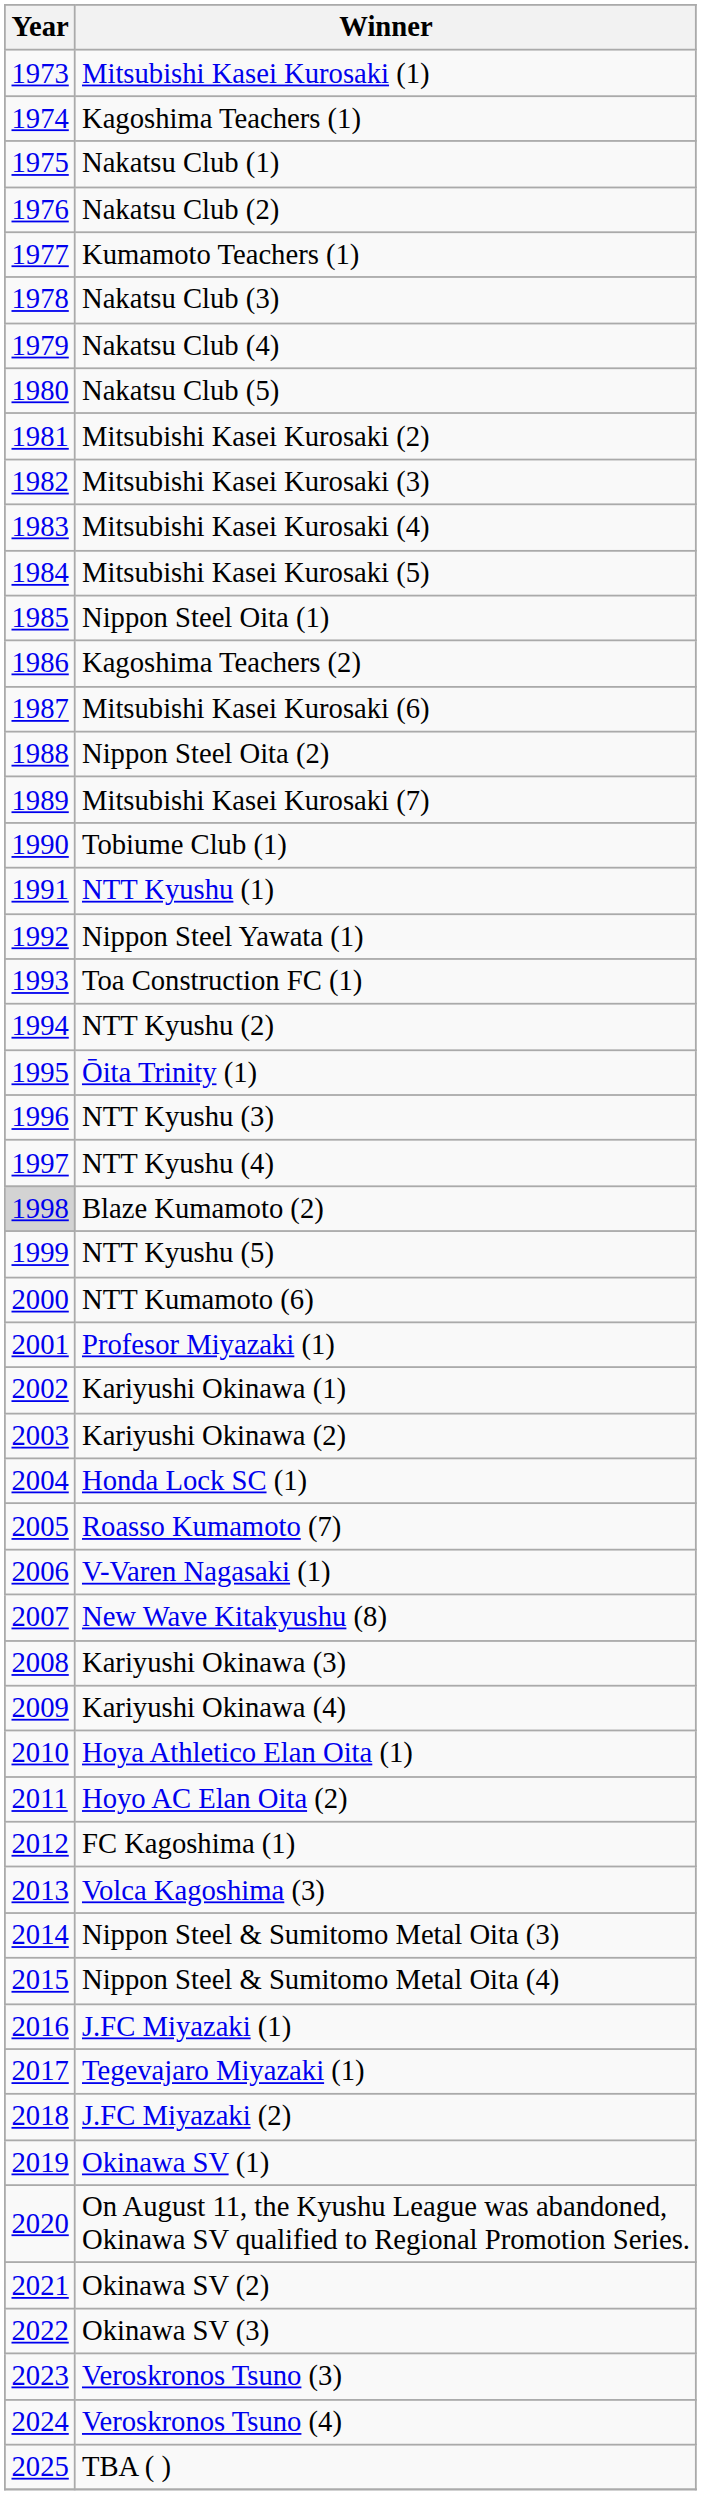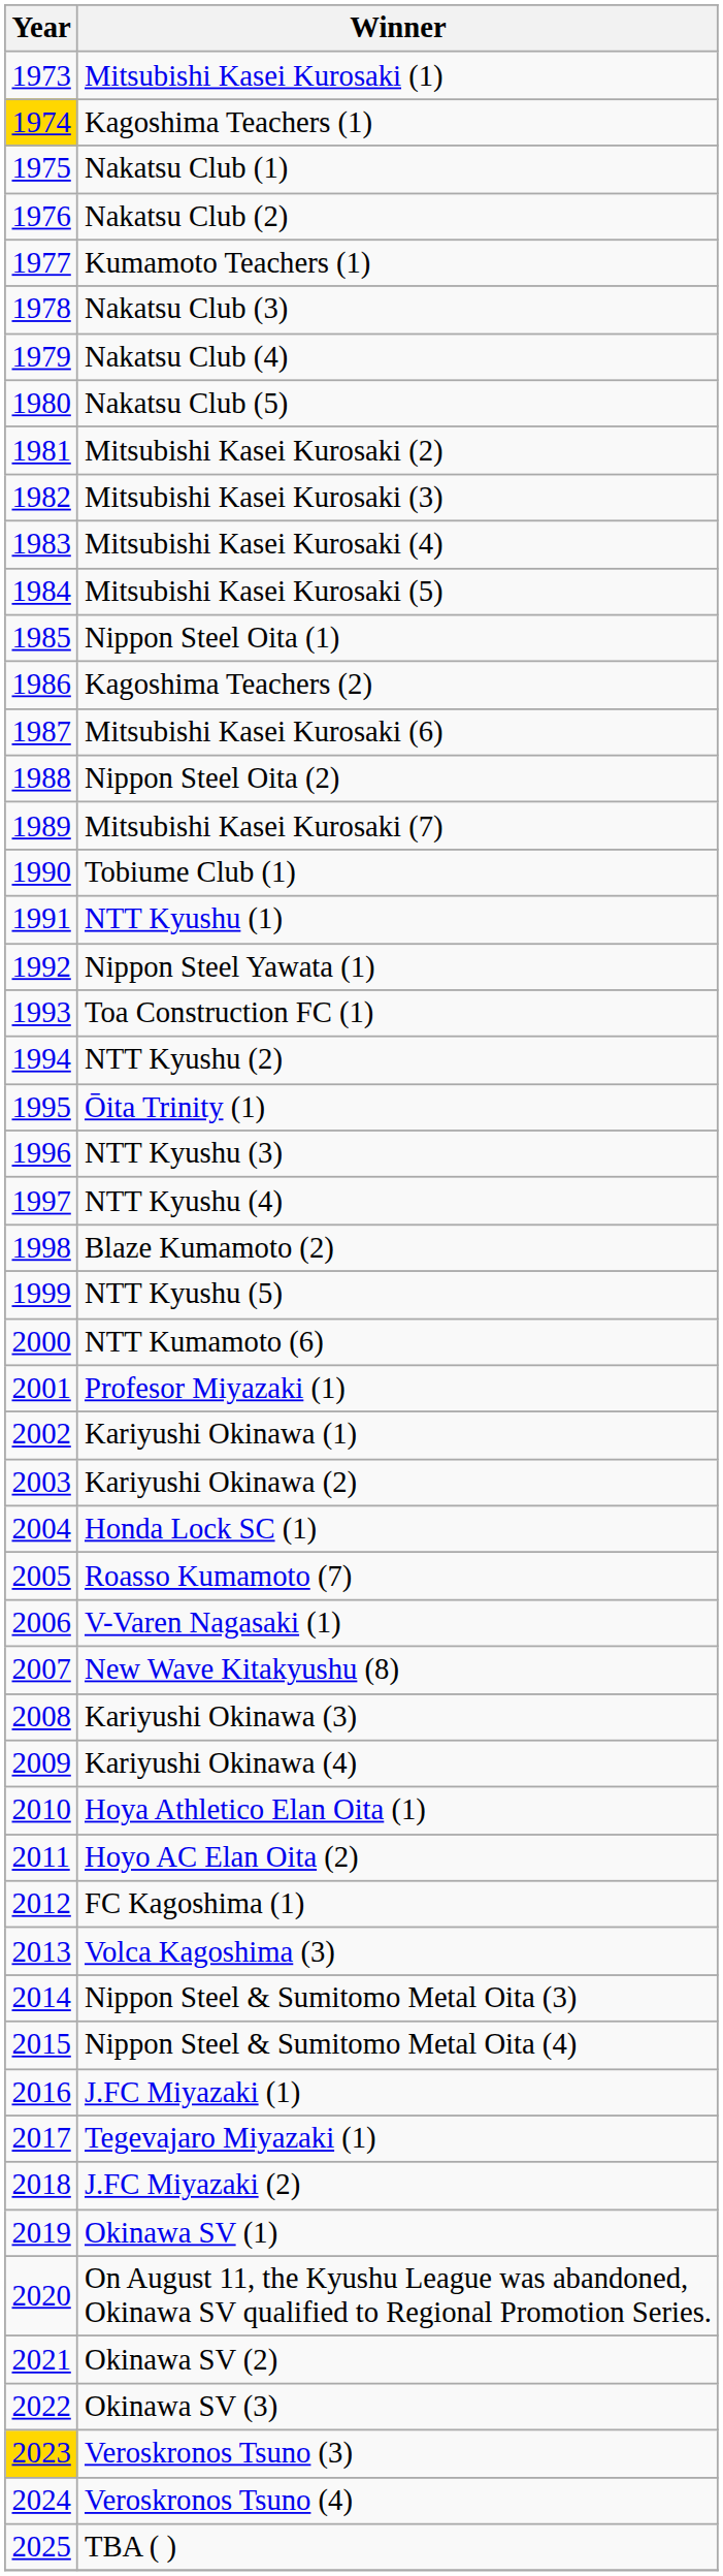 <table class="wikitable">
 <tr>
 <th>Year</th>
 <th>Winner</th>
 </tr>
 <tr>
 <td><a href='#'>1973</a></td>
 <td><a href='#'>Mitsubishi Kasei Kurosaki</a> (1)</td>
 </tr>
 <tr>
-<td><a href='#'>1974</a></td>
+<td style="background: gold;"><a href='#'>1974</a></td>
 <td>Kagoshima Teachers (1)</td>
 </tr>
 <tr>
 <td><a href='#'>1975</a></td>
 <td>Nakatsu Club (1)</td>
 </tr>
 <tr>
 <td><a href='#'>1976</a></td>
 <td>Nakatsu Club (2)</td>
 </tr>
 <tr>
 <td><a href='#'>1977</a></td>
 <td>Kumamoto Teachers (1)</td>
 </tr>
 <tr>
 <td><a href='#'>1978</a></td>
 <td>Nakatsu Club (3)</td>
 </tr>
 <tr>
 <td><a href='#'>1979</a></td>
 <td>Nakatsu Club (4)</td>
 </tr>
 <tr>
 <td><a href='#'>1980</a></td>
 <td>Nakatsu Club (5)</td>
 </tr>
 <tr>
 <td><a href='#'>1981</a></td>
 <td>Mitsubishi Kasei Kurosaki (2)</td>
 </tr>
 <tr>
 <td><a href='#'>1982</a></td>
 <td>Mitsubishi Kasei Kurosaki (3)</td>
 </tr>
 <tr>
 <td><a href='#'>1983</a></td>
 <td>Mitsubishi Kasei Kurosaki (4)</td>
 </tr>
 <tr>
 <td><a href='#'>1984</a></td>
 <td>Mitsubishi Kasei Kurosaki (5)</td>
 </tr>
 <tr>
 <td><a href='#'>1985</a></td>
 <td>Nippon Steel Oita (1)</td>
 </tr>
 <tr>
 <td><a href='#'>1986</a></td>
 <td>Kagoshima Teachers (2)</td>
 </tr>
 <tr>
 <td><a href='#'>1987</a></td>
 <td>Mitsubishi Kasei Kurosaki (6)</td>
 </tr>
 <tr>
 <td><a href='#'>1988</a></td>
 <td>Nippon Steel Oita (2)</td>
 </tr>
 <tr>
 <td><a href='#'>1989</a></td>
 <td>Mitsubishi Kasei Kurosaki (7)</td>
 </tr>
 <tr>
 <td><a href='#'>1990</a></td>
 <td>Tobiume Club (1)</td>
 </tr>
 <tr>
 <td><a href='#'>1991</a></td>
 <td><a href='#'>NTT Kyushu</a> (1)</td>
 </tr>
 <tr>
 <td><a href='#'>1992</a></td>
 <td>Nippon Steel Yawata (1)</td>
 </tr>
 <tr>
 <td><a href='#'>1993</a></td>
 <td>Toa Construction FC (1)</td>
 </tr>
 <tr>
 <td><a href='#'>1994</a></td>
 <td>NTT Kyushu (2)</td>
 </tr>
 <tr>
 <td><a href='#'>1995</a></td>
 <td><a href='#'>Ōita Trinity</a> (1)</td>
 </tr>
 <tr>
 <td><a href='#'>1996</a></td>
 <td>NTT Kyushu (3)</td>
 </tr>
 <tr>
 <td><a href='#'>1997</a></td>
 <td>NTT Kyushu (4)</td>
 </tr>
 <tr>
-<td style="background: lightgrey;"><a href='#'>1998</a></td>
+<td><a href='#'>1998</a></td>
 <td>Blaze Kumamoto (2)</td>
 </tr>
 <tr>
 <td><a href='#'>1999</a></td>
 <td>NTT Kyushu (5)</td>
 </tr>
 <tr>
 <td><a href='#'>2000</a></td>
 <td>NTT Kumamoto (6)</td>
 </tr>
 <tr>
 <td><a href='#'>2001</a></td>
 <td><a href='#'>Profesor Miyazaki</a> (1)</td>
 </tr>
 <tr>
 <td><a href='#'>2002</a></td>
 <td>Kariyushi Okinawa (1)</td>
 </tr>
 <tr>
 <td><a href='#'>2003</a></td>
 <td>Kariyushi Okinawa (2)</td>
 </tr>
 <tr>
 <td><a href='#'>2004</a></td>
 <td><a href='#'>Honda Lock SC</a> (1)</td>
 </tr>
 <tr>
 <td><a href='#'>2005</a></td>
 <td><a href='#'>Roasso Kumamoto</a> (7)</td>
 </tr>
 <tr>
 <td><a href='#'>2006</a></td>
 <td><a href='#'>V-Varen Nagasaki</a> (1)</td>
 </tr>
 <tr>
 <td><a href='#'>2007</a></td>
 <td><a href='#'>New Wave Kitakyushu</a> (8)</td>
 </tr>
 <tr>
 <td><a href='#'>2008</a></td>
 <td>Kariyushi Okinawa (3)</td>
 </tr>
 <tr>
 <td><a href='#'>2009</a></td>
 <td>Kariyushi Okinawa (4)</td>
 </tr>
 <tr>
 <td><a href='#'>2010</a></td>
 <td><a href='#'>Hoya Athletico Elan Oita</a> (1)</td>
 </tr>
 <tr>
 <td><a href='#'>2011</a></td>
 <td><a href='#'>Hoyo AC Elan Oita</a> (2)</td>
 </tr>
 <tr>
 <td><a href='#'>2012</a></td>
 <td>FC Kagoshima (1)</td>
 </tr>
 <tr>
 <td><a href='#'>2013</a></td>
 <td><a href='#'>Volca Kagoshima</a> (3)</td>
 </tr>
 <tr>
 <td><a href='#'>2014</a></td>
 <td>Nippon Steel & Sumitomo Metal Oita (3)</td>
 </tr>
 <tr>
 <td><a href='#'>2015</a></td>
 <td>Nippon Steel & Sumitomo Metal Oita (4)</td>
 </tr>
 <tr>
 <td><a href='#'>2016</a></td>
 <td><a href='#'>J.FC Miyazaki</a> (1)</td>
 </tr>
 <tr>
 <td><a href='#'>2017</a></td>
 <td><a href='#'>Tegevajaro Miyazaki</a> (1)</td>
 </tr>
 <tr>
 <td><a href='#'>2018</a></td>
 <td><a href='#'>J.FC Miyazaki</a> (2)</td>
 </tr>
 <tr>
 <td><a href='#'>2019</a></td>
 <td><a href='#'>Okinawa SV</a> (1)</td>
 </tr>
 <tr>
 <td><a href='#'>2020</a></td>
 <td>On August 11, the Kyushu League was abandoned, <br> Okinawa SV qualified to  Regional Promotion Series.</td>
 </tr>
 <tr>
 <td><a href='#'>2021</a></td>
 <td>Okinawa SV (2)</td>
 </tr>
 <tr>
 <td><a href='#'>2022</a></td>
 <td>Okinawa SV (3)</td>
 </tr>
 <tr>
-<td><a href='#'>2023</a></td>
+<td style="background: gold;"><a href='#'>2023</a></td>
 <td><a href='#'>Veroskronos Tsuno</a> (3)</td>
 </tr>
 <tr>
 <td><a href='#'>2024</a></td>
 <td><a href='#'>Veroskronos Tsuno</a> (4)</td>
 </tr>
 <tr>
 <td><a href='#'>2025</a></td>
 <td>TBA ( )</td>
 </tr>
 <tr>
 </tr>
 </table>
